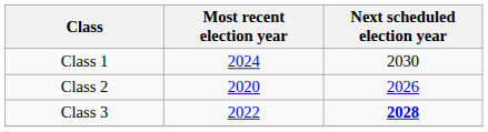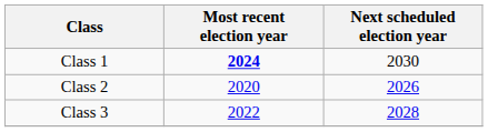 <table class="wikitable" style="text-align: center">
 <tr>
 <th width="150">Class</th>
 <th width="150">Most recent<br>election year</th>
 <th width="150">Next scheduled<br>election year</th>
 </tr>
 <tr>
 <td>Class 1</td>
-<td><a href='#'>2024</a></td>
+<td><strong><a href='#'>2024</a></strong></td>
 <td>2030</td>
 </tr>
 <tr>
 <td>Class 2</td>
 <td><a href='#'>2020</a></td>
 <td><a href='#'>2026</a></td>
 </tr>
 <tr>
 <td>Class 3</td>
 <td><a href='#'>2022</a></td>
-<td><strong><a href='#'>2028</a></strong></td>
+<td><a href='#'>2028</a></td>
 </tr>
 <tr>
 </tr>
 </table>
